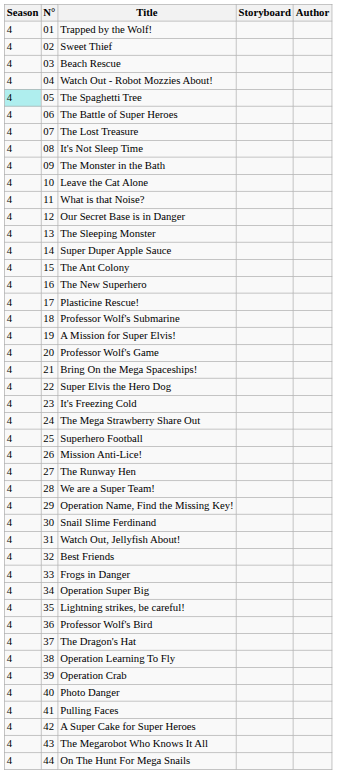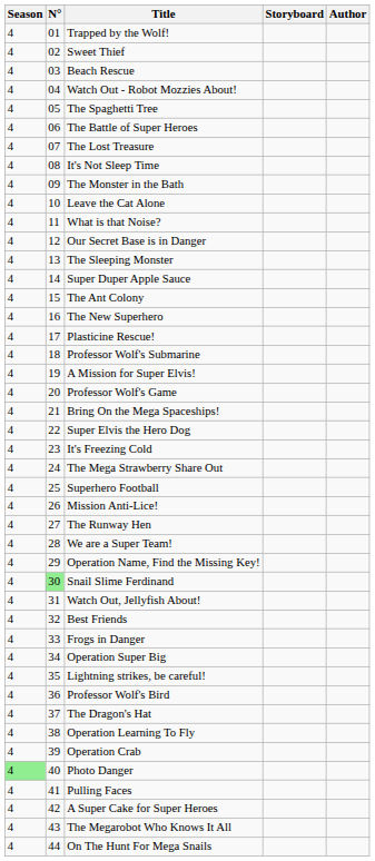 <table class="wikitable sortable">
 <tr>
 <th>Season</th>
 <th>N°</th>
 <th>Title</th>
 <th>Storyboard</th>
 <th>Author</th>
 </tr>
 <tr>
 <td>4</td>
 <td>01</td>
 <td>Trapped by the Wolf!</td>
 <td></td>
 <td></td>
 </tr>
 <tr>
 <td>4</td>
 <td>02</td>
 <td>Sweet Thief</td>
 <td></td>
 <td></td>
 </tr>
 <tr>
 <td>4</td>
 <td>03</td>
 <td>Beach Rescue</td>
 <td></td>
 <td></td>
 </tr>
 <tr>
 <td>4</td>
 <td>04</td>
 <td>Watch Out - Robot Mozzies About!</td>
 <td></td>
 <td></td>
 </tr>
 <tr>
-<td style="background: paleturquoise;">4</td>
+<td>4</td>
 <td>05</td>
 <td>The Spaghetti Tree</td>
 <td></td>
 <td></td>
 </tr>
 <tr>
 <td>4</td>
 <td>06</td>
 <td>The Battle of Super Heroes</td>
 <td></td>
 <td></td>
 </tr>
 <tr>
 <td>4</td>
 <td>07</td>
 <td>The Lost Treasure</td>
 <td></td>
 <td></td>
 </tr>
 <tr>
 <td>4</td>
 <td>08</td>
 <td>It's Not Sleep Time</td>
 <td></td>
 <td></td>
 </tr>
 <tr>
 <td>4</td>
 <td>09</td>
 <td>The Monster in the Bath</td>
 <td></td>
 <td></td>
 </tr>
 <tr>
 <td>4</td>
 <td>10</td>
 <td>Leave the Cat Alone</td>
 <td></td>
 <td></td>
 </tr>
 <tr>
 <td>4</td>
 <td>11</td>
 <td>What is that Noise?</td>
 <td></td>
 <td></td>
 </tr>
 <tr>
 <td>4</td>
 <td>12</td>
 <td>Our Secret Base is in Danger</td>
 <td></td>
 <td></td>
 </tr>
 <tr>
 <td>4</td>
 <td>13</td>
 <td>The Sleeping Monster</td>
 <td></td>
 <td></td>
 </tr>
 <tr>
 <td>4</td>
 <td>14</td>
 <td>Super Duper Apple Sauce</td>
 <td></td>
 <td></td>
 </tr>
 <tr>
 <td>4</td>
 <td>15</td>
 <td>The Ant Colony</td>
 <td></td>
 <td></td>
 </tr>
 <tr>
 <td>4</td>
 <td>16</td>
 <td>The New Superhero</td>
 <td></td>
 <td></td>
 </tr>
 <tr>
 <td>4</td>
 <td>17</td>
 <td>Plasticine Rescue!</td>
 <td></td>
 <td></td>
 </tr>
 <tr>
 <td>4</td>
 <td>18</td>
 <td>Professor Wolf's Submarine</td>
 <td></td>
 <td></td>
 </tr>
 <tr>
 <td>4</td>
 <td>19</td>
 <td>A Mission for Super Elvis!</td>
 <td></td>
 <td></td>
 </tr>
 <tr>
 <td>4</td>
 <td>20</td>
 <td>Professor Wolf's Game</td>
 <td></td>
 <td></td>
 </tr>
 <tr>
 <td>4</td>
 <td>21</td>
 <td>Bring On the Mega Spaceships!</td>
 <td></td>
 <td></td>
 </tr>
 <tr>
 <td>4</td>
 <td>22</td>
 <td>Super Elvis the Hero Dog</td>
 <td></td>
 <td></td>
 </tr>
 <tr>
 <td>4</td>
 <td>23</td>
 <td>It's Freezing Cold</td>
 <td></td>
 <td></td>
 </tr>
 <tr>
 <td>4</td>
 <td>24</td>
 <td>The Mega Strawberry Share Out</td>
 <td></td>
 <td></td>
 </tr>
 <tr>
 <td>4</td>
 <td>25</td>
 <td>Superhero Football</td>
 <td></td>
 <td></td>
 </tr>
 <tr>
 <td>4</td>
 <td>26</td>
 <td>Mission Anti-Lice!</td>
 <td></td>
 <td></td>
 </tr>
 <tr>
 <td>4</td>
 <td>27</td>
 <td>The Runway Hen</td>
 <td></td>
 <td></td>
 </tr>
 <tr>
 <td>4</td>
 <td>28</td>
 <td>We are a Super Team!</td>
 <td></td>
 <td></td>
 </tr>
 <tr>
 <td>4</td>
 <td>29</td>
 <td>Operation Name, Find the Missing Key!</td>
 <td></td>
 <td></td>
 </tr>
 <tr>
 <td>4</td>
-<td>30</td>
+<td style="background: lightgreen;">30</td>
 <td>Snail Slime Ferdinand</td>
 <td></td>
 <td></td>
 </tr>
 <tr>
 <td>4</td>
 <td>31</td>
 <td>Watch Out, Jellyfish About!</td>
 <td></td>
 <td></td>
 </tr>
 <tr>
 <td>4</td>
 <td>32</td>
 <td>Best Friends</td>
 <td></td>
 <td></td>
 </tr>
 <tr>
 <td>4</td>
 <td>33</td>
 <td>Frogs in Danger</td>
 <td></td>
 <td></td>
 </tr>
 <tr>
 <td>4</td>
 <td>34</td>
 <td>Operation Super Big</td>
 <td></td>
 <td></td>
 </tr>
 <tr>
 <td>4</td>
 <td>35</td>
 <td>Lightning strikes, be careful!</td>
 <td></td>
 <td></td>
 </tr>
 <tr>
 <td>4</td>
 <td>36</td>
 <td>Professor Wolf's Bird</td>
 <td></td>
 <td></td>
 </tr>
 <tr>
 <td>4</td>
 <td>37</td>
 <td>The Dragon's Hat</td>
 <td></td>
 <td></td>
 </tr>
 <tr>
 <td>4</td>
 <td>38</td>
 <td>Operation Learning To Fly</td>
 <td></td>
 <td></td>
 </tr>
 <tr>
 <td>4</td>
 <td>39</td>
 <td>Operation Crab</td>
 <td></td>
 <td></td>
 </tr>
 <tr>
-<td>4</td>
+<td style="background: lightgreen;">4</td>
 <td>40</td>
 <td>Photo Danger</td>
 <td></td>
 <td></td>
 </tr>
 <tr>
 <td>4</td>
 <td>41</td>
 <td>Pulling Faces</td>
 <td></td>
 <td></td>
 </tr>
 <tr>
 <td>4</td>
 <td>42</td>
 <td>A Super Cake for Super Heroes</td>
 <td></td>
 <td></td>
 </tr>
 <tr>
 <td>4</td>
 <td>43</td>
 <td>The Megarobot Who Knows It All</td>
 <td></td>
 <td></td>
 </tr>
 <tr>
 <td>4</td>
 <td>44</td>
 <td>On The Hunt For Mega Snails</td>
 <td></td>
 <td></td>
 </tr>
 </table>
